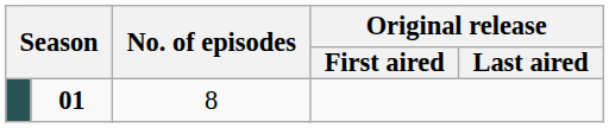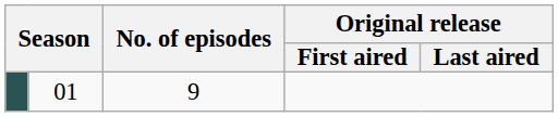 <table class="wikitable" style="text-align:center">
 <tr>
 <th style="padding: 0 8px" colspan="2" rowspan="2">Season</th>
 <th style="padding: 0 8px" rowspan="2">No. of episodes</th>
 <th colspan="2">Original release</th>
 </tr>
 <tr>
 <th style="padding: 0 8px">First aired</th>
 <th style="padding: 0 8px">Last aired</th>
 </tr>
 <tr>
 <td style="background:#295354"></td>
-<td align="center"><strong>01</strong></td>
-<td align="center">8</td>
+<td align="center">01</td>
+<td align="center">9</td>
 <td colspan="2" align="center"></td>
 </tr>
 </table>
